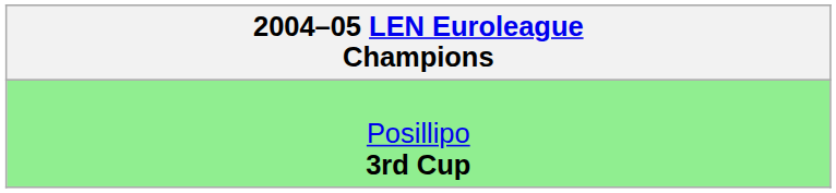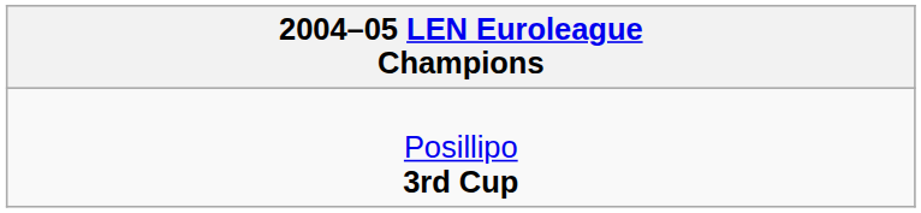 <table class="wikitable" style="margin: 0 auto; width: 30%;">
 <tr>
 <th>2004–05 <a href='#'>LEN Euroleague</a><br>Champions</th>
 </tr>
 <tr>
-<td align=center style="background: lightgreen;"><br><a href='#'>Posillipo</a><br><strong>3rd Cup</strong></td>
+<td align=center><br><a href='#'>Posillipo</a><br><strong>3rd Cup</strong></td>
 </tr>
 </table>
